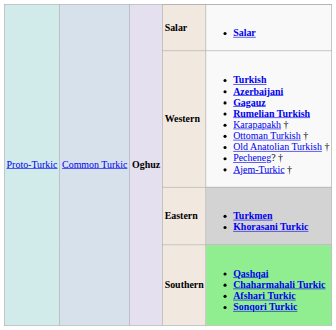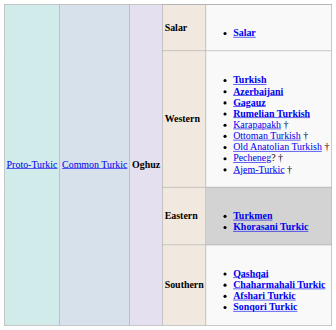 <table class="wikitable">
 <tr>
 <td rowspan="5" style="background:#d1ebeb;"><a href='#'>Proto-Turkic</a></td>
 <td rowspan="5" style="background:#d6e1ec;"><a href='#'>Common Turkic</a></td>
 <td rowspan="5" style="background:#e4e0f0;"><strong>Oghuz</strong></td>
 </tr>
 <tr>
 <td style="background:#f1e9df;"><strong>Salar</strong></td>
 <td><br><ul><li><strong><a href='#'>Salar</a></strong></li></ul></td>
 </tr>
 <tr>
 <td style="background:#f1e9df;"><strong>Western</strong></td>
 <td><br><ul><li><strong><a href='#'>Turkish</a></strong></li><li><strong><a href='#'>Azerbaijani</a></strong></li><li><strong><a href='#'>Gagauz</a></strong></li><li><strong><a href='#'>Rumelian Turkish</a></strong></li><li><a href='#'>Karapapakh</a> †</li><li><a href='#'>Ottoman Turkish</a> †</li><li><a href='#'>Old Anatolian Turkish</a> †</li><li><a href='#'>Pecheneg</a>? †</li><li><a href='#'>Ajem-Turkic</a> †</li></ul></td>
 </tr>
 <tr>
 <td style="background:#f1e9df;"><strong>Eastern</strong></td>
 <td style="background: lightgrey;"><br><ul><li><strong><a href='#'>Turkmen</a></strong></li><li><strong><a href='#'>Khorasani Turkic</a></strong></li></ul></td>
 </tr>
 <tr>
 <td style="background:#f1e9df;"><strong>Southern</strong></td>
-<td style="background: lightgreen;"><br><ul><li><strong><a href='#'>Qashqai</a></strong></li><li><strong><a href='#'>Chaharmahali Turkic</a></strong></li><li><strong><a href='#'>Afshari Turkic</a></strong></li><li><strong><a href='#'>Sonqori Turkic</a></strong></li></ul></td>
+<td><br><ul><li><strong><a href='#'>Qashqai</a></strong></li><li><strong><a href='#'>Chaharmahali Turkic</a></strong></li><li><strong><a href='#'>Afshari Turkic</a></strong></li><li><strong><a href='#'>Sonqori Turkic</a></strong></li></ul></td>
 </tr>
 </table>
